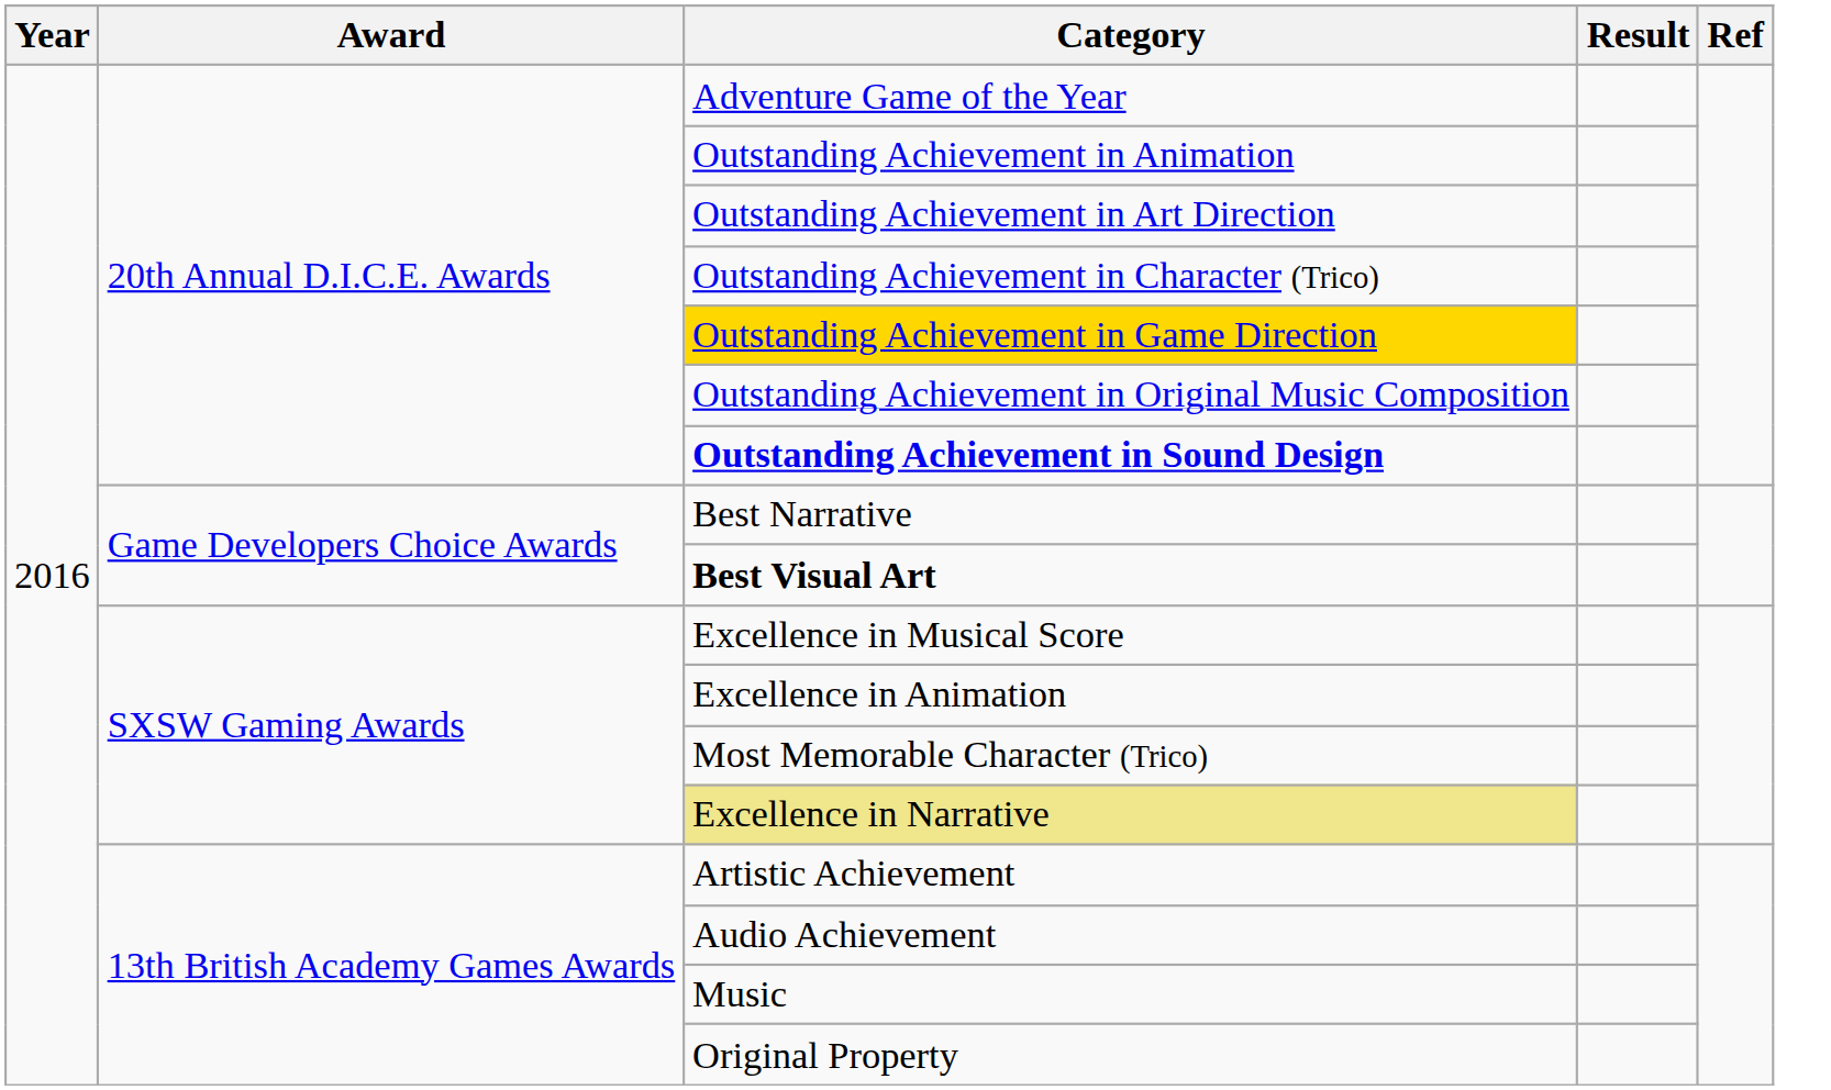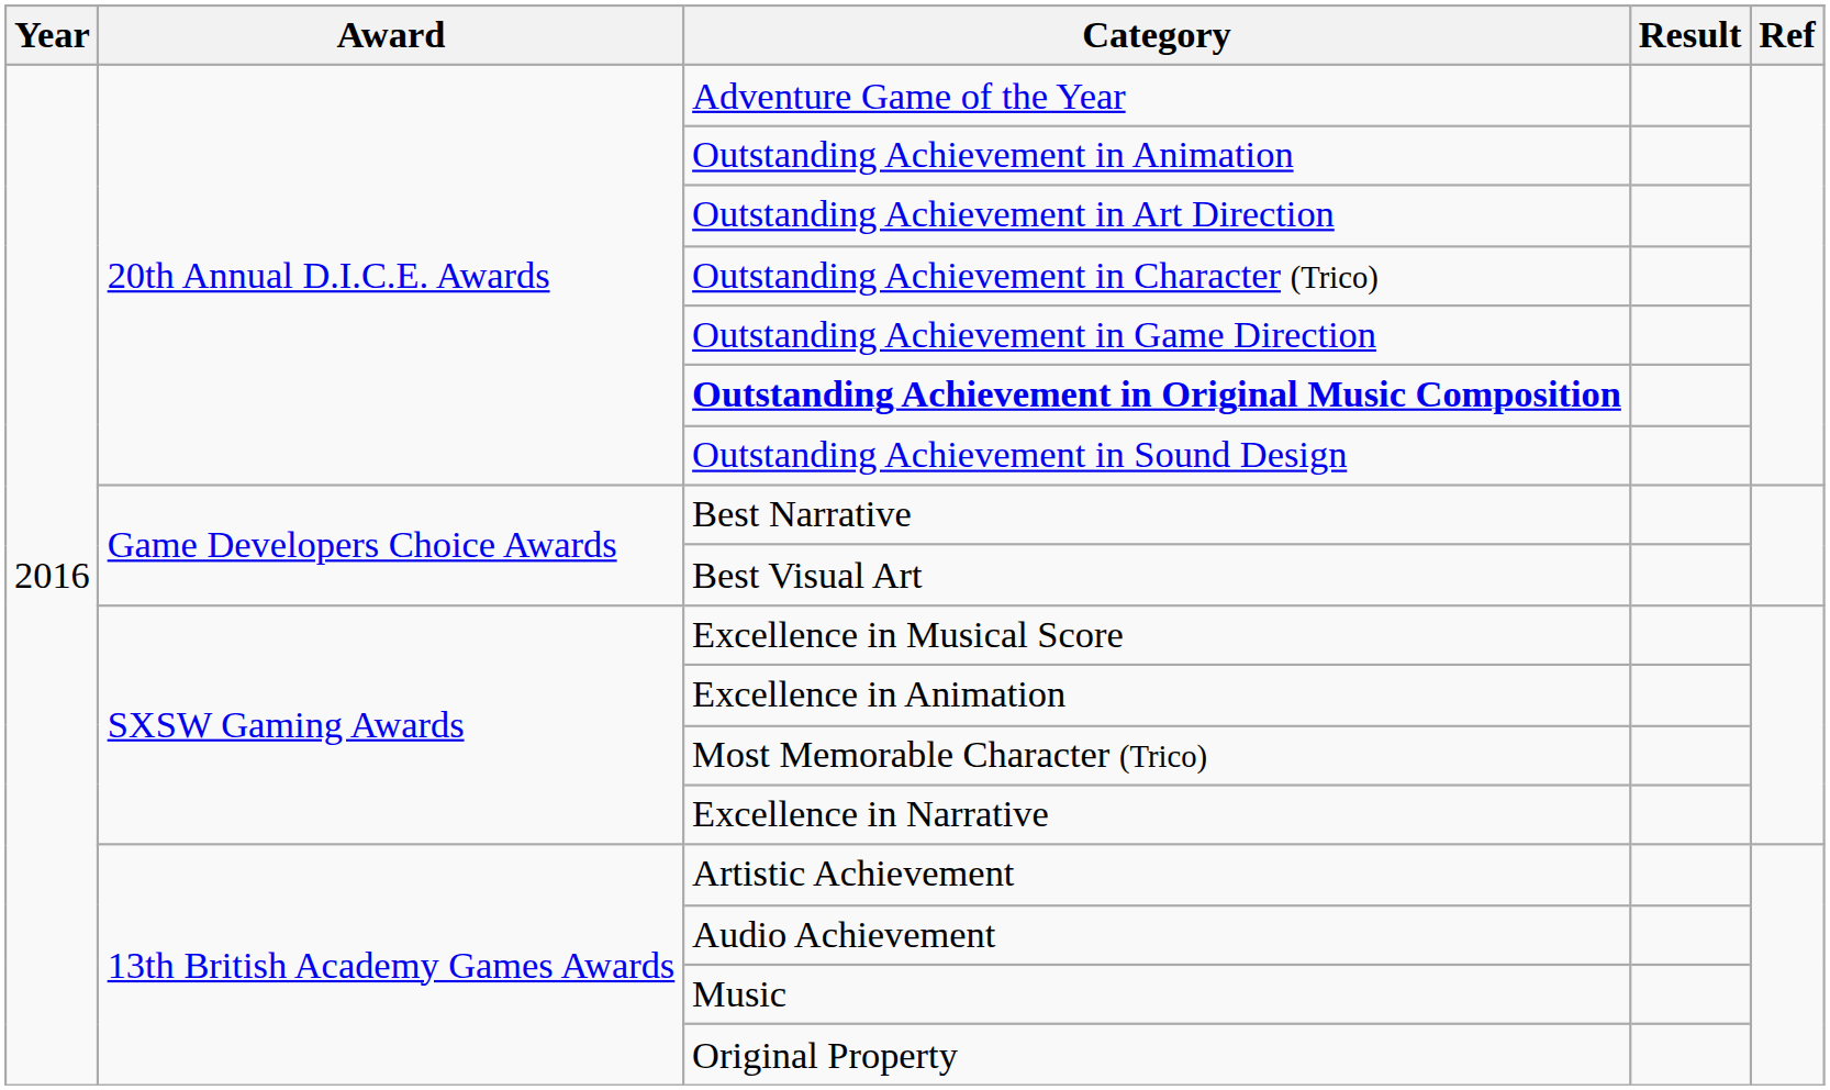 <table class="wikitable sortable">
 <tr>
 <th>Year</th>
 <th>Award</th>
 <th>Category</th>
 <th>Result</th>
 <th>Ref</th>
 </tr>
 <tr>
 <td rowspan="17" style="text-align:center;">2016</td>
 <td rowspan="7"><a href='#'>20th Annual D.I.C.E. Awards</a></td>
 <td><a href='#'>Adventure Game of the Year</a></td>
 <td></td>
 <td rowspan="7" style="text-align:center;"></td>
 </tr>
 <tr>
 <td><a href='#'>Outstanding Achievement in Animation</a></td>
 <td></td>
 </tr>
 <tr>
 <td><a href='#'>Outstanding Achievement in Art Direction</a></td>
 <td></td>
 </tr>
 <tr>
 <td><a href='#'>Outstanding Achievement in Character</a> <small>(Trico)</small></td>
 <td></td>
 </tr>
 <tr>
-<td style="background: gold;"><a href='#'>Outstanding Achievement in Game Direction</a></td>
+<td><a href='#'>Outstanding Achievement in Game Direction</a></td>
 <td></td>
 </tr>
 <tr>
-<td><a href='#'>Outstanding Achievement in Original Music Composition</a></td>
+<td><strong><a href='#'>Outstanding Achievement in Original Music Composition</a></strong></td>
 <td></td>
 </tr>
 <tr>
-<td><strong><a href='#'>Outstanding Achievement in Sound Design</a></strong></td>
+<td><a href='#'>Outstanding Achievement in Sound Design</a></td>
 <td></td>
 </tr>
 <tr>
 <td rowspan="2"><a href='#'>Game Developers Choice Awards</a></td>
 <td>Best Narrative</td>
 <td></td>
 <td rowspan="2" style="text-align:center;"></td>
 </tr>
 <tr>
-<td><strong>Best Visual Art</strong></td>
+<td>Best Visual Art</td>
 <td></td>
 </tr>
 <tr>
 <td rowspan="4"><a href='#'>SXSW Gaming Awards</a></td>
 <td>Excellence in Musical Score</td>
 <td></td>
 <td rowspan="4" style="text-align:center;"></td>
 </tr>
 <tr>
 <td>Excellence in Animation</td>
 <td></td>
 </tr>
 <tr>
 <td>Most Memorable Character <small>(Trico)</small></td>
 <td></td>
 </tr>
 <tr>
-<td style="background: khaki;">Excellence in Narrative</td>
+<td>Excellence in Narrative</td>
 <td></td>
 </tr>
 <tr>
 <td rowspan="4"><a href='#'>13th British Academy Games Awards</a></td>
 <td>Artistic Achievement</td>
 <td></td>
 <td rowspan="4" style="text-align:center;"></td>
 </tr>
 <tr>
 <td>Audio Achievement</td>
 <td></td>
 </tr>
 <tr>
 <td>Music</td>
 <td></td>
 </tr>
 <tr>
 <td>Original Property</td>
 <td></td>
 </tr>
 </table>
